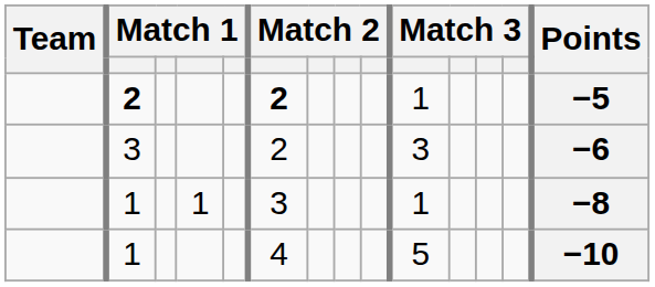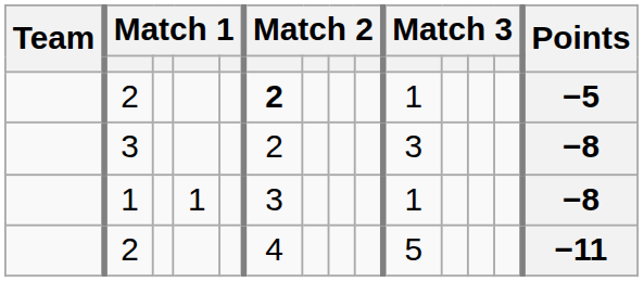 <table class="wikitable sortable" style="text-align:center;">
 <tr>
 <th rowspan=2>Team</th>
 <th colspan=4 style="border-left:3px solid gray">Match 1</th>
 <th colspan=4 style="border-left:3px solid gray">Match 2</th>
 <th colspan=4 style="border-left:3px solid gray">Match 3</th>
 <th rowspan=2 style="border-left:3px solid gray">Points</th>
 </tr>
 <tr>
 <th style="border-left:3px solid gray"></th>
 <th></th>
 <th></th>
 <th></th>
 <th style="border-left:3px solid gray"></th>
 <th></th>
 <th></th>
 <th></th>
 <th style="border-left:3px solid gray"></th>
 <th></th>
 <th></th>
 <th></th>
 </tr>
 <tr>
 <td align=left></td>
-<td style="border-left:3px solid gray"><strong>2</strong></td>
+<td style="border-left:3px solid gray">2</td>
 <td></td>
 <td></td>
 <td></td>
 <td style="border-left:3px solid gray"><strong>2</strong></td>
 <td></td>
 <td></td>
 <td></td>
 <td style="border-left:3px solid gray">1</td>
 <td></td>
 <td></td>
 <td></td>
 <th style="border-left:3px solid gray">−5</th>
 </tr>
 <tr>
 <td align=left></td>
 <td style="border-left:3px solid gray">3</td>
 <td></td>
 <td></td>
 <td></td>
 <td style="border-left:3px solid gray">2</td>
 <td></td>
 <td></td>
 <td></td>
 <td style="border-left:3px solid gray">3</td>
 <td></td>
 <td></td>
 <td></td>
-<th style="border-left:3px solid gray">−6</th>
+<th style="border-left:3px solid gray">−8</th>
 </tr>
 <tr>
 <td align=left></td>
 <td style="border-left:3px solid gray">1</td>
 <td></td>
 <td>1</td>
 <td></td>
 <td style="border-left:3px solid gray">3</td>
 <td></td>
 <td></td>
 <td></td>
 <td style="border-left:3px solid gray">1</td>
 <td></td>
 <td></td>
 <td></td>
 <th style="border-left:3px solid gray">−8</th>
 </tr>
 <tr>
 <td align=left></td>
-<td style="border-left:3px solid gray">1</td>
+<td style="border-left:3px solid gray">2</td>
 <td></td>
 <td></td>
 <td></td>
 <td style="border-left:3px solid gray">4</td>
 <td></td>
 <td></td>
 <td></td>
 <td style="border-left:3px solid gray">5</td>
 <td></td>
 <td></td>
 <td></td>
-<th style="border-left:3px solid gray">−10</th>
+<th style="border-left:3px solid gray">−11</th>
 </tr>
 </table>
